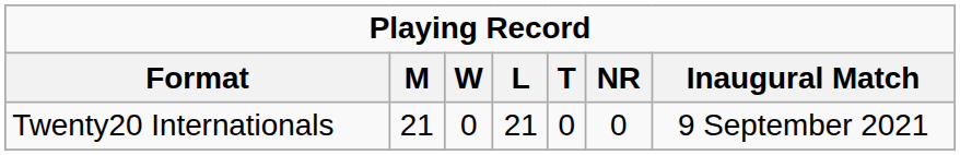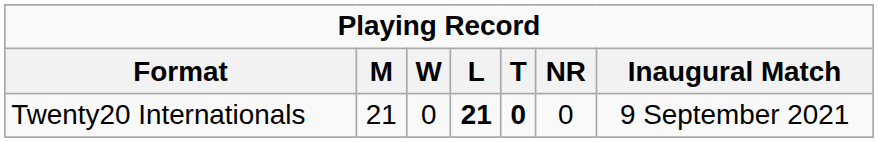 <table class="wikitable" style="text-align: center; width: 500px;">
 <tr>
 <td colspan=7 align="center"><strong>Playing Record</strong></td>
 </tr>
 <tr>
 <th>Format</th>
 <th>M</th>
 <th>W</th>
 <th>L</th>
 <th>T</th>
 <th>NR</th>
 <th>Inaugural Match</th>
 </tr>
 <tr>
 <td align="left">Twenty20 Internationals</td>
 <td>21</td>
 <td>0</td>
-<td>21</td>
-<td>0</td>
+<td><strong>21</strong></td>
+<td><strong>0</strong></td>
 <td>0</td>
 <td>9 September 2021</td>
 </tr>
 </table>
